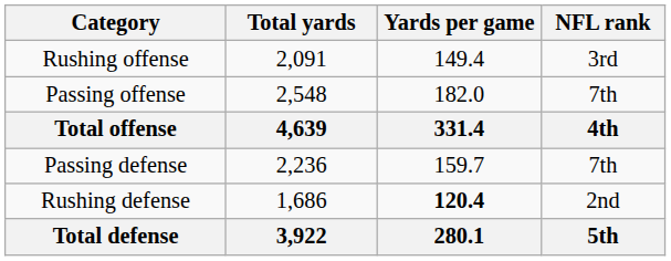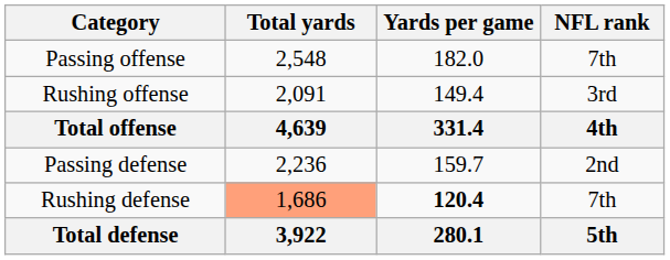 <table class="wikitable" style="text-align:center">
 <tr>
 <th width=150px>Category</th>
 <th width=100px>Total yards</th>
 <th width=110px>Yards per game</th>
 <th width=80px>NFL rank<br></th>
 </tr>
 <tr>
+<td>Passing offense</td>
+<td>2,548</td>
+<td>182.0</td>
+<td>7th</td>
+</tr>
+<tr>
 <td>Rushing offense</td>
 <td>2,091</td>
 <td>149.4</td>
 <td>3rd</td>
-</tr>
-<tr>
-<td>Passing offense</td>
-<td>2,548</td>
-<td>182.0</td>
-<td>7th</td>
 </tr>
 <tr>
 <th>Total offense</th>
 <th>4,639</th>
 <th>331.4</th>
 <th>4th</th>
 </tr>
 <tr>
 <td>Passing defense</td>
 <td>2,236</td>
 <td>159.7</td>
-<td>7th</td>
+<td>2nd</td>
 </tr>
 <tr>
 <td>Rushing defense</td>
-<td>1,686</td>
+<td style="background: lightsalmon;">1,686</td>
 <td><strong>120.4</strong></td>
-<td>2nd</td>
+<td>7th</td>
 </tr>
 <tr>
 <th>Total defense</th>
 <th>3,922</th>
 <th>280.1</th>
 <th>5th</th>
 </tr>
 </table>
